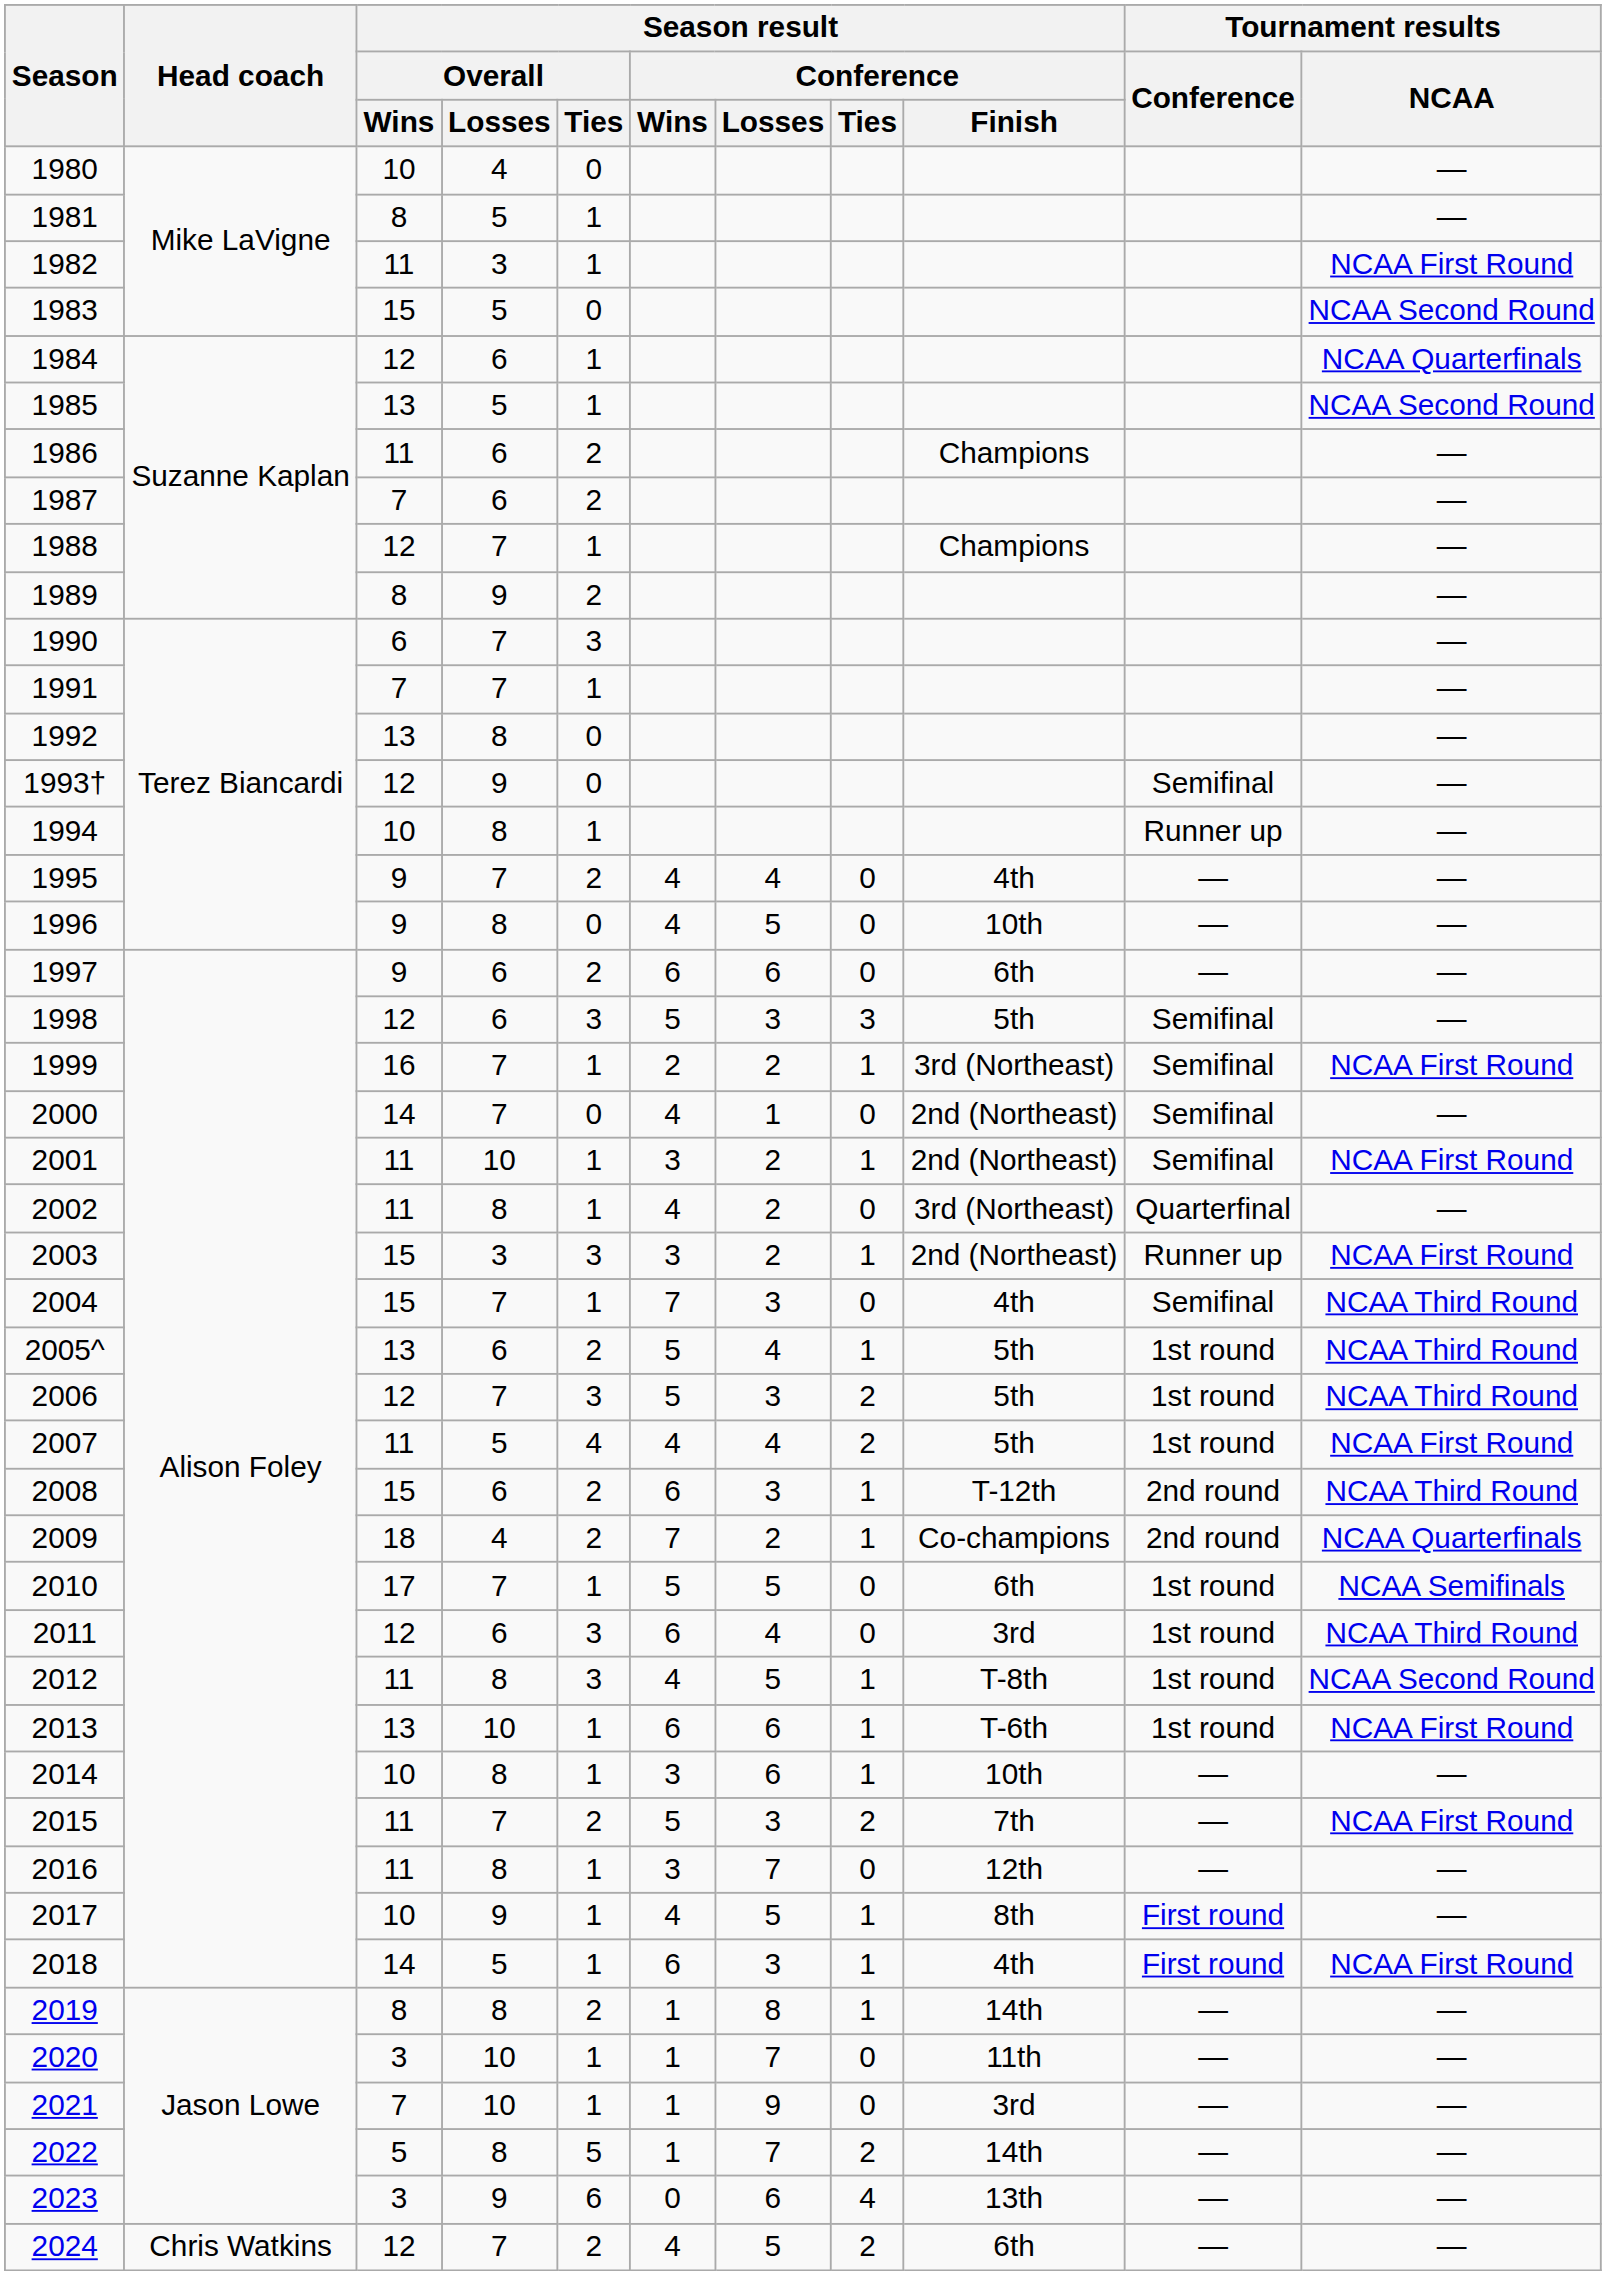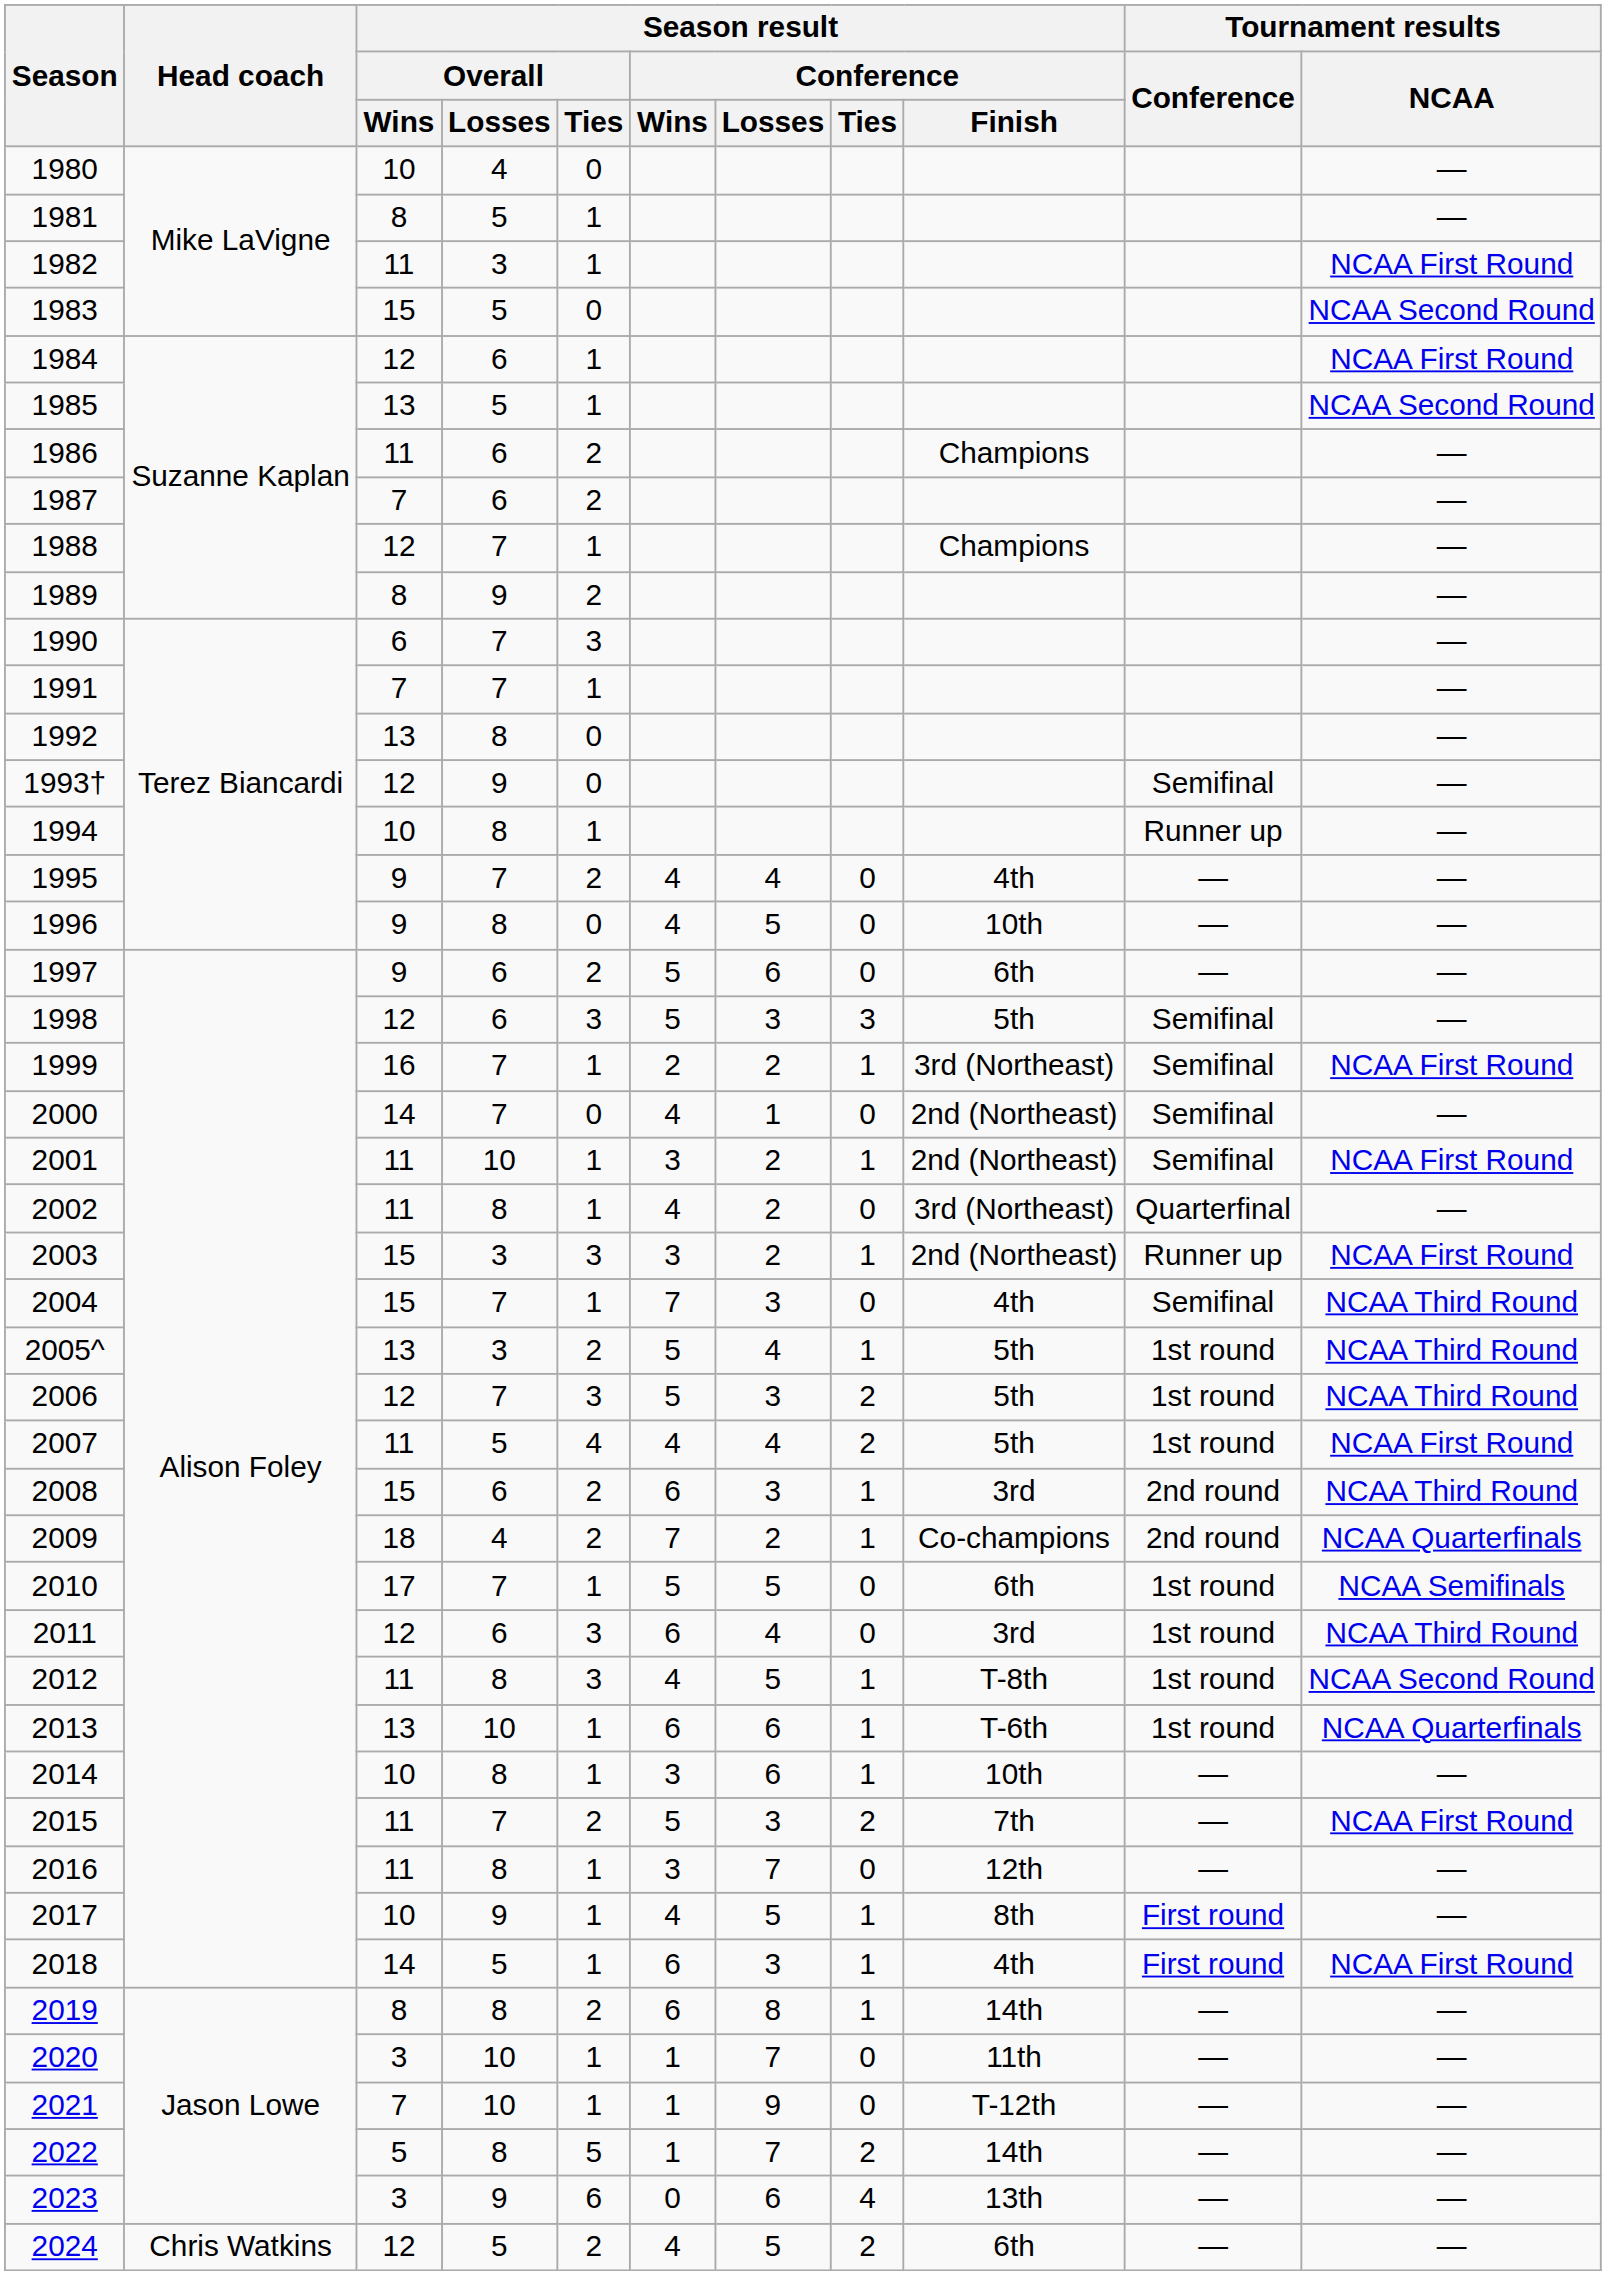 <table class="wikitable" style="font-size: %; text-align:center;">
 <tr>
 <th rowspan=3 width=px>Season</th>
 <th rowspan=3width=px>Head coach</th>
 <th colspan=7 width=px>Season result</th>
 <th colspan=2 width=px>Tournament results</th>
 </tr>
 <tr>
 <th colspan=3 width=px>Overall</th>
 <th colspan=4 width=px>Conference</th>
 <th rowspan=2 width=px>Conference</th>
 <th rowspan=2 width=px>NCAA</th>
 </tr>
 <tr>
 <th width=px>Wins</th>
 <th width=px>Losses</th>
 <th width=px>Ties</th>
 <th width=px>Wins</th>
 <th width=px>Losses</th>
 <th width=px>Ties</th>
 <th width=px>Finish</th>
 </tr>
 <tr>
 <td>1980</td>
 <td rowspan="4">Mike LaVigne</td>
 <td>10</td>
 <td>4</td>
 <td>0</td>
 <td></td>
 <td></td>
 <td></td>
 <td></td>
 <td></td>
 <td>—</td>
 </tr>
 <tr>
 <td>1981</td>
 <td>8</td>
 <td>5</td>
 <td>1</td>
 <td></td>
 <td></td>
 <td></td>
 <td></td>
 <td></td>
 <td>—</td>
 </tr>
 <tr>
 <td>1982</td>
 <td>11</td>
 <td>3</td>
 <td>1</td>
 <td></td>
 <td></td>
 <td></td>
 <td></td>
 <td></td>
 <td><a href='#'>NCAA First Round</a></td>
 </tr>
 <tr>
 <td>1983</td>
 <td>15</td>
 <td>5</td>
 <td>0</td>
 <td></td>
 <td></td>
 <td></td>
 <td></td>
 <td></td>
 <td><a href='#'>NCAA Second Round</a></td>
 </tr>
 <tr>
 <td>1984</td>
 <td rowspan="6">Suzanne Kaplan</td>
 <td>12</td>
 <td>6</td>
 <td>1</td>
 <td></td>
 <td></td>
 <td></td>
 <td></td>
 <td></td>
-<td><a href='#'>NCAA Quarterfinals</a></td>
+<td><a href='#'>NCAA First Round</a></td>
 </tr>
 <tr>
 <td>1985</td>
 <td>13</td>
 <td>5</td>
 <td>1</td>
 <td></td>
 <td></td>
 <td></td>
 <td></td>
 <td></td>
 <td><a href='#'>NCAA Second Round</a></td>
 </tr>
 <tr>
 <td>1986</td>
 <td>11</td>
 <td>6</td>
 <td>2</td>
 <td></td>
 <td></td>
 <td></td>
 <td>Champions</td>
 <td></td>
 <td>—</td>
 </tr>
 <tr>
 <td>1987</td>
 <td>7</td>
 <td>6</td>
 <td>2</td>
 <td></td>
 <td></td>
 <td></td>
 <td></td>
 <td></td>
 <td>—</td>
 </tr>
 <tr>
 <td>1988</td>
 <td>12</td>
 <td>7</td>
 <td>1</td>
 <td></td>
 <td></td>
 <td></td>
 <td>Champions</td>
 <td></td>
 <td>—</td>
 </tr>
 <tr>
 <td>1989</td>
 <td>8</td>
 <td>9</td>
 <td>2</td>
 <td></td>
 <td></td>
 <td></td>
 <td></td>
 <td></td>
 <td>—</td>
 </tr>
 <tr>
 <td>1990</td>
 <td rowspan="7">Terez Biancardi</td>
 <td>6</td>
 <td>7</td>
 <td>3</td>
 <td></td>
 <td></td>
 <td></td>
 <td></td>
 <td></td>
 <td>—</td>
 </tr>
 <tr>
 <td>1991</td>
 <td>7</td>
 <td>7</td>
 <td>1</td>
 <td></td>
 <td></td>
 <td></td>
 <td></td>
 <td></td>
 <td>—</td>
 </tr>
 <tr>
 <td>1992</td>
 <td>13</td>
 <td>8</td>
 <td>0</td>
 <td></td>
 <td></td>
 <td></td>
 <td></td>
 <td></td>
 <td>—</td>
 </tr>
 <tr>
 <td>1993†</td>
 <td>12</td>
 <td>9</td>
 <td>0</td>
 <td></td>
 <td></td>
 <td></td>
 <td></td>
 <td>Semifinal</td>
 <td>—</td>
 </tr>
 <tr>
 <td>1994</td>
 <td>10</td>
 <td>8</td>
 <td>1</td>
 <td></td>
 <td></td>
 <td></td>
 <td></td>
 <td>Runner up</td>
 <td>—</td>
 </tr>
 <tr>
 <td>1995</td>
 <td>9</td>
 <td>7</td>
 <td>2</td>
 <td>4</td>
 <td>4</td>
 <td>0</td>
 <td>4th</td>
 <td>—</td>
 <td>—</td>
 </tr>
 <tr>
 <td>1996</td>
 <td>9</td>
 <td>8</td>
 <td>0</td>
 <td>4</td>
 <td>5</td>
 <td>0</td>
 <td>10th</td>
 <td>—</td>
 <td>—</td>
 </tr>
 <tr>
 <td>1997</td>
 <td rowspan="22">Alison Foley</td>
 <td>9</td>
 <td>6</td>
 <td>2</td>
-<td>6</td>
+<td>5</td>
 <td>6</td>
 <td>0</td>
 <td>6th</td>
 <td>—</td>
 <td>—</td>
 </tr>
 <tr>
 <td>1998</td>
 <td>12</td>
 <td>6</td>
 <td>3</td>
 <td>5</td>
 <td>3</td>
 <td>3</td>
 <td>5th</td>
 <td>Semifinal</td>
 <td>—</td>
 </tr>
 <tr>
 <td>1999</td>
 <td>16</td>
 <td>7</td>
 <td>1</td>
 <td>2</td>
 <td>2</td>
 <td>1</td>
 <td>3rd (Northeast)</td>
 <td>Semifinal</td>
 <td><a href='#'>NCAA First Round</a></td>
 </tr>
 <tr>
 <td>2000</td>
 <td>14</td>
 <td>7</td>
 <td>0</td>
 <td>4</td>
 <td>1</td>
 <td>0</td>
 <td>2nd (Northeast)</td>
 <td>Semifinal</td>
 <td>—</td>
 </tr>
 <tr>
 <td>2001</td>
 <td>11</td>
 <td>10</td>
 <td>1</td>
 <td>3</td>
 <td>2</td>
 <td>1</td>
 <td>2nd (Northeast)</td>
 <td>Semifinal</td>
 <td><a href='#'>NCAA First Round</a></td>
 </tr>
 <tr>
 <td>2002</td>
 <td>11</td>
 <td>8</td>
 <td>1</td>
 <td>4</td>
 <td>2</td>
 <td>0</td>
 <td>3rd (Northeast)</td>
 <td>Quarterfinal</td>
 <td>—</td>
 </tr>
 <tr>
 <td>2003</td>
 <td>15</td>
 <td>3</td>
 <td>3</td>
 <td>3</td>
 <td>2</td>
 <td>1</td>
 <td>2nd (Northeast)</td>
 <td>Runner up</td>
 <td><a href='#'>NCAA First Round</a></td>
 </tr>
 <tr>
 <td>2004</td>
 <td>15</td>
 <td>7</td>
 <td>1</td>
 <td>7</td>
 <td>3</td>
 <td>0</td>
 <td>4th</td>
 <td>Semifinal</td>
 <td><a href='#'>NCAA Third Round</a></td>
 </tr>
 <tr>
 <td>2005^</td>
 <td>13</td>
-<td>6</td>
+<td>3</td>
 <td>2</td>
 <td>5</td>
 <td>4</td>
 <td>1</td>
 <td>5th</td>
 <td>1st round</td>
 <td><a href='#'>NCAA Third Round</a></td>
 </tr>
 <tr>
 <td>2006</td>
 <td>12</td>
 <td>7</td>
 <td>3</td>
 <td>5</td>
 <td>3</td>
 <td>2</td>
 <td>5th</td>
 <td>1st round</td>
 <td><a href='#'>NCAA Third Round</a></td>
 </tr>
 <tr>
 <td>2007</td>
 <td>11</td>
 <td>5</td>
 <td>4</td>
 <td>4</td>
 <td>4</td>
 <td>2</td>
 <td>5th</td>
 <td>1st round</td>
 <td><a href='#'>NCAA First Round</a></td>
 </tr>
 <tr>
 <td>2008</td>
 <td>15</td>
 <td>6</td>
 <td>2</td>
 <td>6</td>
 <td>3</td>
 <td>1</td>
-<td>T-12th</td>
+<td>3rd</td>
 <td>2nd round</td>
 <td><a href='#'>NCAA Third Round</a></td>
 </tr>
 <tr>
 <td>2009</td>
 <td>18</td>
 <td>4</td>
 <td>2</td>
 <td>7</td>
 <td>2</td>
 <td>1</td>
 <td>Co-champions</td>
 <td>2nd round</td>
 <td><a href='#'>NCAA Quarterfinals</a></td>
 </tr>
 <tr>
 <td>2010</td>
 <td>17</td>
 <td>7</td>
 <td>1</td>
 <td>5</td>
 <td>5</td>
 <td>0</td>
 <td>6th</td>
 <td>1st round</td>
 <td><a href='#'>NCAA Semifinals</a></td>
 </tr>
 <tr>
 <td>2011</td>
 <td>12</td>
 <td>6</td>
 <td>3</td>
 <td>6</td>
 <td>4</td>
 <td>0</td>
 <td>3rd</td>
 <td>1st round</td>
 <td><a href='#'>NCAA Third Round</a></td>
 </tr>
 <tr>
 <td>2012</td>
 <td>11</td>
 <td>8</td>
 <td>3</td>
 <td>4</td>
 <td>5</td>
 <td>1</td>
 <td>T-8th</td>
 <td>1st round</td>
 <td><a href='#'>NCAA Second Round</a></td>
 </tr>
 <tr>
 <td>2013</td>
 <td>13</td>
 <td>10</td>
 <td>1</td>
 <td>6</td>
 <td>6</td>
 <td>1</td>
 <td>T-6th</td>
 <td>1st round</td>
-<td><a href='#'>NCAA First Round</a></td>
+<td><a href='#'>NCAA Quarterfinals</a></td>
 </tr>
 <tr>
 <td>2014</td>
 <td>10</td>
 <td>8</td>
 <td>1</td>
 <td>3</td>
 <td>6</td>
 <td>1</td>
 <td>10th</td>
 <td>—</td>
 <td>—</td>
 </tr>
 <tr>
 <td>2015</td>
 <td>11</td>
 <td>7</td>
 <td>2</td>
 <td>5</td>
 <td>3</td>
 <td>2</td>
 <td>7th</td>
 <td>—</td>
 <td><a href='#'>NCAA First Round</a></td>
 </tr>
 <tr>
 <td>2016</td>
 <td>11</td>
 <td>8</td>
 <td>1</td>
 <td>3</td>
 <td>7</td>
 <td>0</td>
 <td>12th</td>
 <td>—</td>
 <td>—</td>
 </tr>
 <tr>
 <td>2017</td>
 <td>10</td>
 <td>9</td>
 <td>1</td>
 <td>4</td>
 <td>5</td>
 <td>1</td>
 <td>8th</td>
 <td><a href='#'>First round</a></td>
 <td>—</td>
 </tr>
 <tr>
 <td>2018</td>
 <td>14</td>
 <td>5</td>
 <td>1</td>
 <td>6</td>
 <td>3</td>
 <td>1</td>
 <td>4th</td>
 <td><a href='#'>First round</a></td>
 <td><a href='#'>NCAA First Round</a></td>
 </tr>
 <tr>
 <td><a href='#'>2019</a></td>
 <td rowspan=5>Jason Lowe</td>
 <td>8</td>
 <td>8</td>
 <td>2</td>
-<td>1</td>
+<td>6</td>
 <td>8</td>
 <td>1</td>
 <td>14th</td>
 <td>—</td>
 <td>—</td>
 </tr>
 <tr>
 <td><a href='#'>2020</a></td>
 <td>3</td>
 <td>10</td>
 <td>1</td>
 <td>1</td>
 <td>7</td>
 <td>0</td>
 <td>11th</td>
 <td>—</td>
 <td>—</td>
 </tr>
 <tr>
 <td><a href='#'>2021</a></td>
 <td>7</td>
 <td>10</td>
 <td>1</td>
 <td>1</td>
 <td>9</td>
 <td>0</td>
-<td>3rd</td>
+<td>T-12th</td>
 <td>—</td>
 <td>—</td>
 </tr>
 <tr>
 <td><a href='#'>2022</a></td>
 <td>5</td>
 <td>8</td>
 <td>5</td>
 <td>1</td>
 <td>7</td>
 <td>2</td>
 <td>14th</td>
 <td>—</td>
 <td>—</td>
 </tr>
 <tr>
 <td><a href='#'>2023</a></td>
 <td>3</td>
 <td>9</td>
 <td>6</td>
 <td>0</td>
 <td>6</td>
 <td>4</td>
 <td>13th</td>
 <td>—</td>
 <td>—</td>
 </tr>
 <tr>
 <td><a href='#'>2024</a></td>
 <td>Chris Watkins</td>
 <td>12</td>
-<td>7</td>
+<td>5</td>
 <td>2</td>
 <td>4</td>
 <td>5</td>
 <td>2</td>
 <td>6th</td>
 <td>—</td>
 <td>—</td>
 </tr>
 </table>
